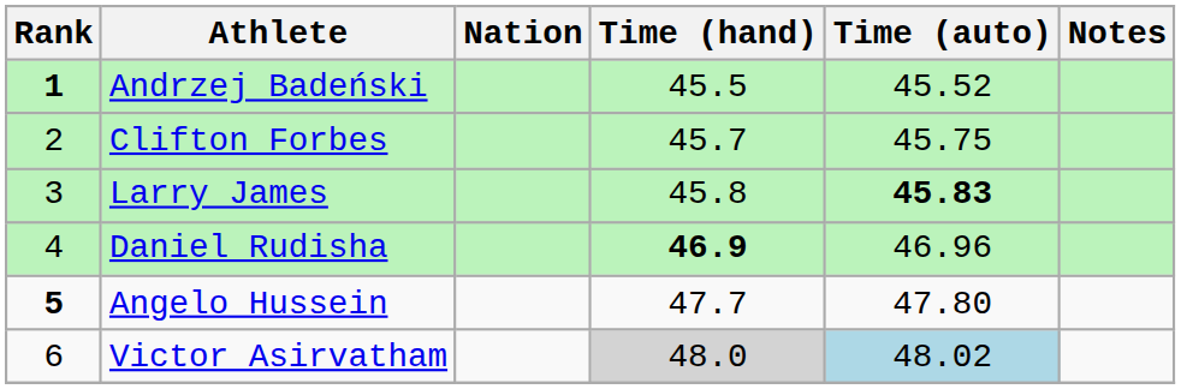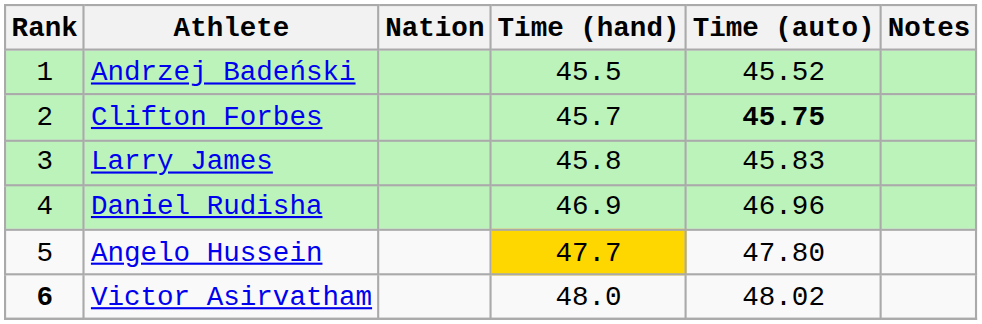 <table class="wikitable sortable" style="text-align:center">
 <tr>
 <th>Rank</th>
 <th>Athlete</th>
 <th>Nation</th>
 <th>Time (hand)</th>
 <th>Time (auto)</th>
 <th>Notes</th>
 </tr>
 <tr bgcolor=bbf3bb>
-<td><strong>1</strong></td>
+<td>1</td>
 <td align=left><a href='#'>Andrzej Badeński</a></td>
 <td align=left></td>
 <td>45.5</td>
 <td>45.52</td>
 <td></td>
 </tr>
 <tr bgcolor=bbf3bb>
 <td>2</td>
 <td align=left><a href='#'>Clifton Forbes</a></td>
 <td align=left></td>
 <td>45.7</td>
-<td>45.75</td>
+<td><strong>45.75</strong></td>
 <td></td>
 </tr>
 <tr bgcolor=bbf3bb>
 <td>3</td>
 <td align=left><a href='#'>Larry James</a></td>
 <td align=left></td>
 <td>45.8</td>
-<td><strong>45.83</strong></td>
+<td>45.83</td>
 <td></td>
 </tr>
 <tr bgcolor=bbf3bb>
 <td>4</td>
 <td align=left><a href='#'>Daniel Rudisha</a></td>
 <td align=left></td>
-<td><strong>46.9</strong></td>
+<td>46.9</td>
 <td>46.96</td>
 <td></td>
 </tr>
 <tr>
-<td><strong>5</strong></td>
+<td>5</td>
 <td align=left><a href='#'>Angelo Hussein</a></td>
 <td align=left></td>
-<td>47.7</td>
+<td style="background: gold;">47.7</td>
 <td>47.80</td>
 <td></td>
 </tr>
 <tr>
-<td>6</td>
+<td><strong>6</strong></td>
 <td align=left><a href='#'>Victor Asirvatham</a></td>
 <td align=left></td>
-<td style="background: lightgrey;">48.0</td>
-<td style="background: lightblue;">48.02</td>
+<td>48.0</td>
+<td>48.02</td>
 <td></td>
 </tr>
 <tr>
 </tr>
 </table>
